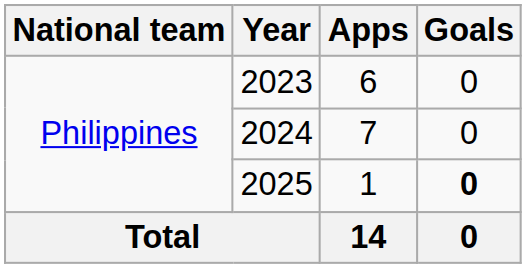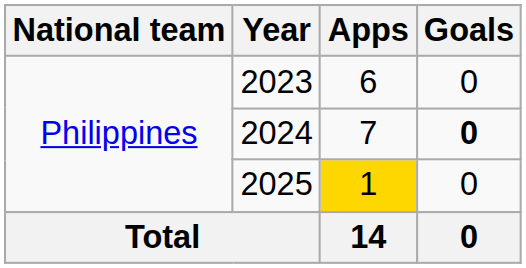 <table class="wikitable" style="text-align:center">
 <tr>
 <th>National team</th>
 <th>Year</th>
 <th>Apps</th>
 <th>Goals</th>
 </tr>
 <tr>
 <td rowspan="3"><a href='#'>Philippines</a></td>
 <td>2023</td>
 <td>6</td>
 <td>0</td>
 </tr>
 <tr>
 <td>2024</td>
 <td>7</td>
-<td>0</td>
+<td><strong>0</strong></td>
 </tr>
 <tr>
 <td>2025</td>
-<td>1</td>
-<td><strong>0</strong></td>
+<td style="background: gold;">1</td>
+<td>0</td>
 </tr>
 <tr>
 <th colspan="2">Total</th>
 <th>14</th>
 <th>0</th>
 </tr>
 </table>
